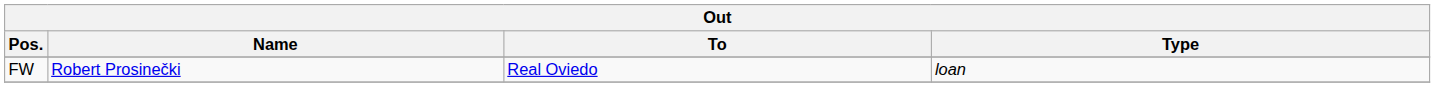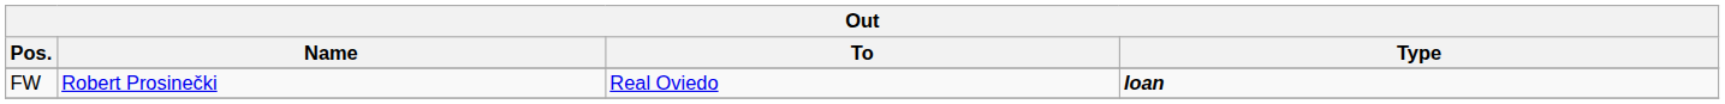 <table class="wikitable" style="font-size:90%;width:99%;">
 <tr>
 <th colspan="4">Out</th>
 </tr>
 <tr>
 <th width=3%>Pos.</th>
 <th width=32%>Name</th>
 <th width=30%>To</th>
 <th width=35%>Type</th>
 </tr>
 <tr>
 </tr>
 <tr>
 <td>FW</td>
 <td><a href='#'>Robert Prosinečki</a></td>
 <td><a href='#'>Real Oviedo</a></td>
-<td><em>loan</em></td>
+<td><strong><em>loan</em></strong></td>
 </tr>
 <tr>
 </tr>
 </table>
